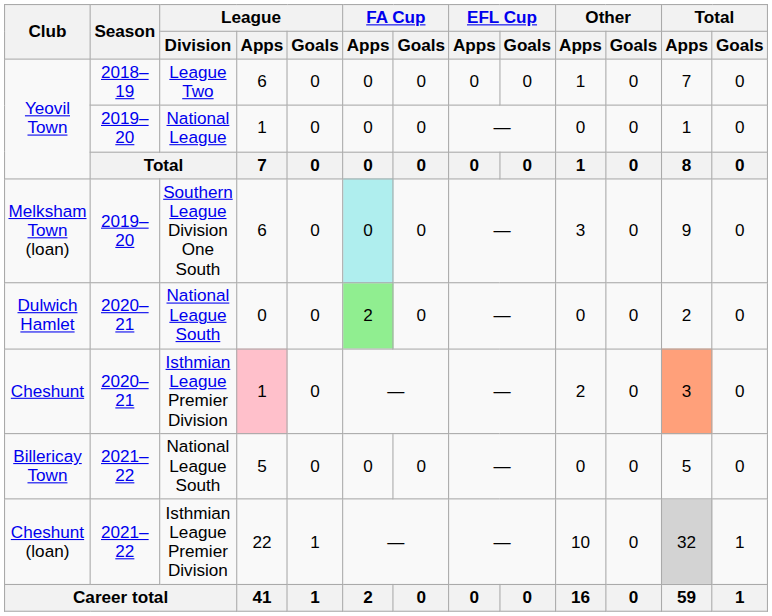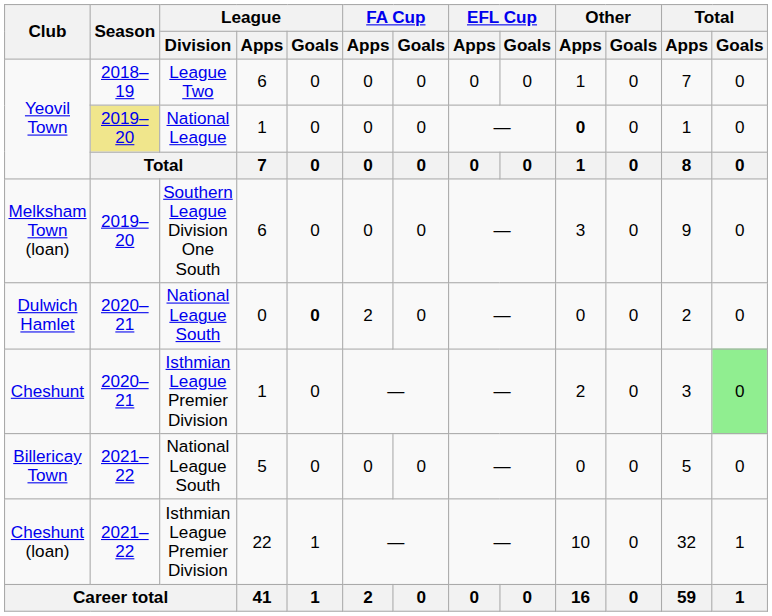 <table class=wikitable style="text-align: center">
 <tr>
 <th rowspan=2>Club</th>
 <th rowspan=2>Season</th>
 <th colspan=3>League</th>
 <th colspan=2><a href='#'>FA Cup</a></th>
 <th colspan=2><a href='#'>EFL Cup</a></th>
 <th colspan=2>Other</th>
 <th colspan=2>Total</th>
 </tr>
 <tr>
 <th>Division</th>
 <th>Apps</th>
 <th>Goals</th>
 <th>Apps</th>
 <th>Goals</th>
 <th>Apps</th>
 <th>Goals</th>
 <th>Apps</th>
 <th>Goals</th>
 <th>Apps</th>
 <th>Goals</th>
 </tr>
 <tr>
 <td rowspan=3><a href='#'>Yeovil Town</a></td>
 <td><a href='#'>2018–19</a></td>
 <td><a href='#'>League Two</a></td>
 <td>6</td>
 <td>0</td>
 <td>0</td>
 <td>0</td>
 <td>0</td>
 <td>0</td>
 <td>1</td>
 <td>0</td>
 <td>7</td>
 <td>0</td>
 </tr>
 <tr>
-<td><a href='#'>2019–20</a></td>
+<td style="background: khaki;"><a href='#'>2019–20</a></td>
 <td><a href='#'>National League</a></td>
 <td>1</td>
 <td>0</td>
 <td>0</td>
 <td>0</td>
 <td colspan=2>—</td>
-<td>0</td>
+<td><strong>0</strong></td>
 <td>0</td>
 <td>1</td>
 <td>0</td>
 </tr>
 <tr>
 <th colspan=2>Total</th>
 <th>7</th>
 <th>0</th>
 <th>0</th>
 <th>0</th>
 <th>0</th>
 <th>0</th>
 <th>1</th>
 <th>0</th>
 <th>8</th>
 <th>0</th>
 </tr>
 <tr>
 <td><a href='#'>Melksham Town</a> (loan)</td>
 <td><a href='#'>2019–20</a></td>
 <td><a href='#'>Southern League</a><br>Division One South</td>
 <td>6</td>
 <td>0</td>
-<td style="background: paleturquoise;">0</td>
+<td>0</td>
 <td>0</td>
 <td colspan=2>—</td>
 <td>3</td>
 <td>0</td>
 <td>9</td>
 <td>0</td>
 </tr>
 <tr>
 <td><a href='#'>Dulwich Hamlet</a></td>
 <td><a href='#'>2020–21</a></td>
 <td><a href='#'>National League South</a></td>
 <td>0</td>
-<td>0</td>
-<td style="background: lightgreen;">2</td>
+<td><strong>0</strong></td>
+<td>2</td>
 <td>0</td>
 <td colspan=2>—</td>
 <td>0</td>
 <td>0</td>
 <td>2</td>
 <td>0</td>
 </tr>
 <tr>
 <td><a href='#'>Cheshunt</a></td>
 <td><a href='#'>2020–21</a></td>
 <td><a href='#'>Isthmian League</a><br>Premier Division</td>
-<td style="background: pink;">1</td>
+<td>1</td>
 <td>0</td>
 <td colspan=2>—</td>
 <td colspan=2>—</td>
 <td>2</td>
 <td>0</td>
-<td style="background: lightsalmon;">3</td>
-<td>0</td>
+<td>3</td>
+<td style="background: lightgreen;">0</td>
 </tr>
 <tr>
 <td><a href='#'>Billericay Town</a></td>
 <td><a href='#'>2021–22</a></td>
 <td>National League South</td>
 <td>5</td>
 <td>0</td>
 <td>0</td>
 <td>0</td>
 <td colspan=2>—</td>
 <td>0</td>
 <td>0</td>
 <td>5</td>
 <td>0</td>
 </tr>
 <tr>
 <td><a href='#'>Cheshunt</a> (loan)</td>
 <td><a href='#'>2021–22</a></td>
 <td>Isthmian League<br>Premier Division</td>
 <td>22</td>
 <td>1</td>
 <td colspan=2>—</td>
 <td colspan=2>—</td>
 <td>10</td>
 <td>0</td>
-<td style="background: lightgrey;">32</td>
+<td>32</td>
 <td>1</td>
 </tr>
 <tr>
 <th colspan=3>Career total</th>
 <th>41</th>
 <th>1</th>
 <th>2</th>
 <th>0</th>
 <th>0</th>
 <th>0</th>
 <th>16</th>
 <th>0</th>
 <th>59</th>
 <th>1</th>
 </tr>
 </table>
